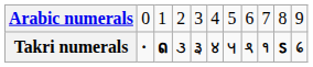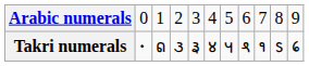 <table class="wikitable">
 <tr>
 <th><a href='#'>Arabic numerals</a></th>
 <td>0</td>
 <td>1</td>
 <td>2</td>
 <td>3</td>
 <td>4</td>
 <td>5</td>
 <td>6</td>
 <td>7</td>
 <td>8</td>
 <td>9</td>
 </tr>
 <tr>
 <th>Takri numerals</th>
 <td>𑛀</td>
-<td><strong>𑛁</strong></td>
+<td>𑛁</td>
 <td>𑛂</td>
 <td>𑛃</td>
 <td>𑛄</td>
 <td>𑛅</td>
 <td>𑛆</td>
 <td>𑛇</td>
-<td><strong>𑛈</strong></td>
+<td>𑛈</td>
 <td>𑛉</td>
 </tr>
 </table>
